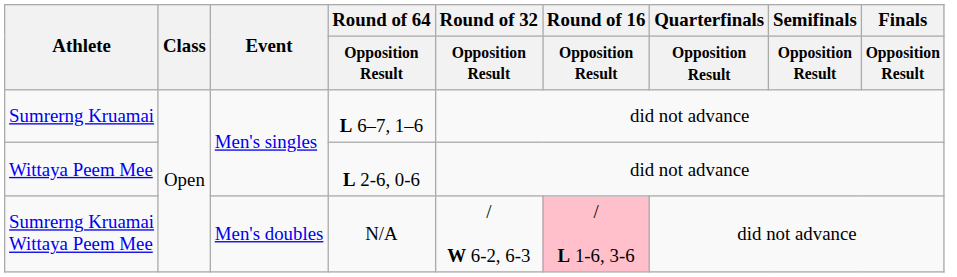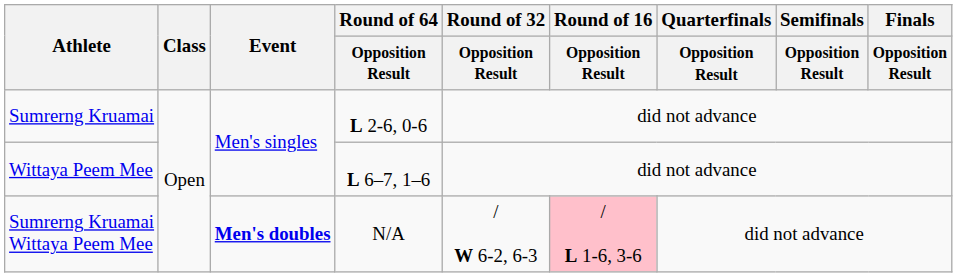 <table class=wikitable style="font-size:90%">
 <tr>
 <th rowspan="2">Athlete</th>
 <th rowspan="2">Class</th>
 <th rowspan="2">Event</th>
 <th>Round of 64</th>
 <th>Round of 32</th>
 <th>Round of 16</th>
 <th>Quarterfinals</th>
 <th>Semifinals</th>
 <th>Finals</th>
 </tr>
 <tr>
 <th style="line-height:1em"><small>Opposition<br>Result</small></th>
 <th style="line-height:1em"><small>Opposition<br>Result</small></th>
 <th style="line-height:1em"><small>Opposition<br>Result</small></th>
 <th style=”line-height:1em”><small>Opposition<br>Result</small></th>
 <th style="line-height:1em"><small>Opposition<br>Result</small></th>
 <th style="line-height:1em"><small>Opposition<br>Result</small></th>
 </tr>
 <tr>
 <td><a href='#'>Sumrerng Kruamai</a></td>
 <td rowspan="3" style="text-align:center;">Open</td>
 <td rowspan="2"><a href='#'>Men's singles</a></td>
+<td style="text-align:center;"><br><strong>L</strong> 2-6, 0-6</td>
+<td style="text-align:center;" colspan="5">did not advance</td>
+</tr>
+<tr>
+<td><a href='#'>Wittaya Peem Mee</a></td>
 <td style="text-align:center;"><br><strong>L</strong> 6–7, 1–6</td>
 <td style="text-align:center;" colspan="5">did not advance</td>
 </tr>
 <tr>
-<td><a href='#'>Wittaya Peem Mee</a></td>
-<td style="text-align:center;"><br><strong>L</strong> 2-6, 0-6</td>
-<td style="text-align:center;" colspan="5">did not advance</td>
-</tr>
-<tr>
 <td><a href='#'>Sumrerng Kruamai</a><br> <a href='#'>Wittaya Peem Mee</a></td>
-<td><a href='#'>Men's doubles</a></td>
+<td><strong><a href='#'>Men's doubles</a></strong></td>
 <td style="text-align:center;">N/A</td>
 <td style="text-align:center;"> /<br> <br><strong>W</strong> 6-2, 6-3</td>
 <td style="background: pink; text-align:center;"> /<br> <br><strong>L</strong> 1-6, 3-6</td>
 <td style="text-align:center;" colspan="3">did not advance</td>
 </tr>
 </table>
